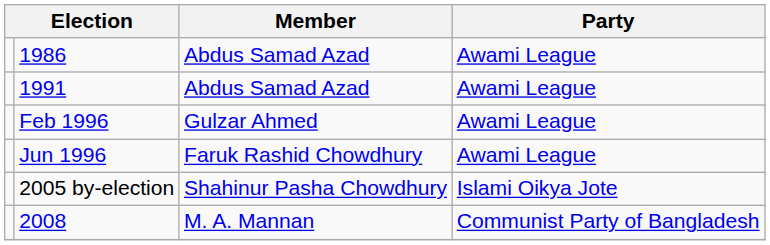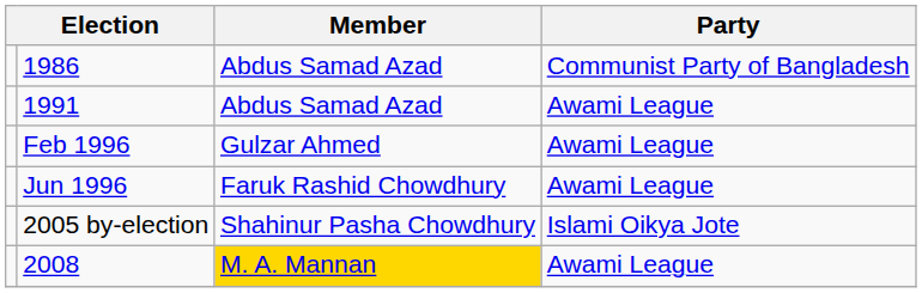 <table class="wikitable">
 <tr>
 <th colspan="2">Election</th>
 <th>Member</th>
 <th>Party</th>
 </tr>
 <tr>
 <td style="background-color:"></td>
 <td><a href='#'>1986</a></td>
 <td><a href='#'>Abdus Samad Azad</a></td>
-<td><a href='#'>Awami League</a></td>
+<td><a href='#'>Communist Party of Bangladesh</a></td>
 </tr>
 <tr>
 <td style="background-color:"></td>
 <td><a href='#'>1991</a></td>
 <td><a href='#'>Abdus Samad Azad</a></td>
 <td><a href='#'>Awami League</a></td>
 </tr>
 <tr>
 <td style="background-color:"></td>
 <td><a href='#'>Feb 1996</a></td>
 <td><a href='#'>Gulzar Ahmed</a></td>
 <td><a href='#'>Awami League</a></td>
 </tr>
 <tr>
 <td style="background-color:"></td>
 <td><a href='#'>Jun 1996</a></td>
 <td><a href='#'>Faruk Rashid Chowdhury</a></td>
 <td><a href='#'>Awami League</a></td>
 </tr>
 <tr>
 <td style="background-color:"></td>
 <td>2005 by-election</td>
 <td><a href='#'>Shahinur Pasha Chowdhury</a></td>
 <td><a href='#'>Islami Oikya Jote</a></td>
 </tr>
 <tr>
 <td style="background-color:"></td>
 <td><a href='#'>2008</a></td>
-<td><a href='#'>M. A. Mannan</a></td>
-<td><a href='#'>Communist Party of Bangladesh</a></td>
+<td style="background: gold;"><a href='#'>M. A. Mannan</a></td>
+<td><a href='#'>Awami League</a></td>
 </tr>
 <tr>
 </tr>
 </table>
